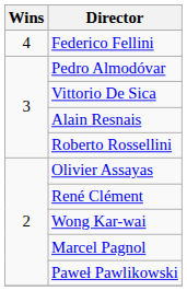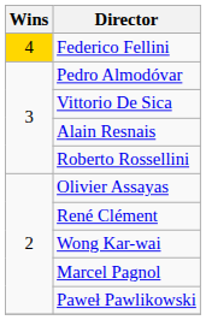 <table class="wikitable sortable">
 <tr>
 <th>Wins</th>
 <th>Director</th>
 </tr>
 <tr>
-<td rowspan="1" style="text-align:center">4</td>
+<td rowspan="1" style="background: gold; text-align:center">4</td>
 <td> <a href='#'>Federico Fellini</a></td>
 </tr>
 <tr>
 <td rowspan="4" style="text-align:center">3</td>
 <td> <a href='#'>Pedro Almodóvar</a></td>
 </tr>
 <tr>
 <td> <a href='#'>Vittorio De Sica</a></td>
 </tr>
 <tr>
 <td> <a href='#'>Alain Resnais</a></td>
 </tr>
 <tr>
 <td> <a href='#'>Roberto Rossellini</a></td>
 </tr>
 <tr>
 <td rowspan="5" style="text-align:center">2</td>
 <td> <a href='#'>Olivier Assayas</a></td>
 </tr>
 <tr>
 <td> <a href='#'>René Clément</a></td>
 </tr>
 <tr>
 <td> <a href='#'>Wong Kar-wai</a></td>
 </tr>
 <tr>
 <td> <a href='#'>Marcel Pagnol</a></td>
 </tr>
 <tr>
 <td> <a href='#'>Paweł Pawlikowski</a></td>
 </tr>
 <tr>
 </tr>
 </table>
